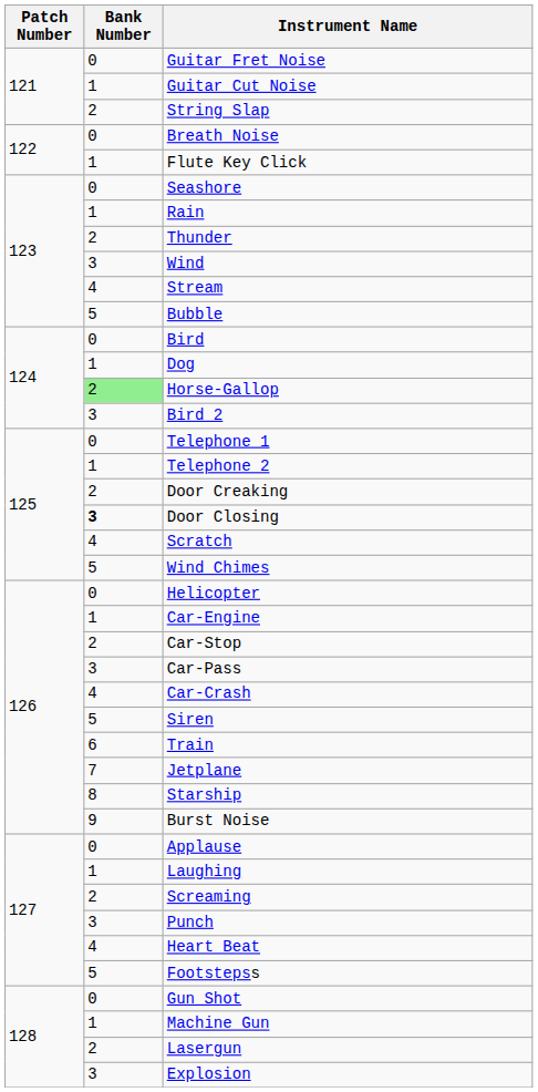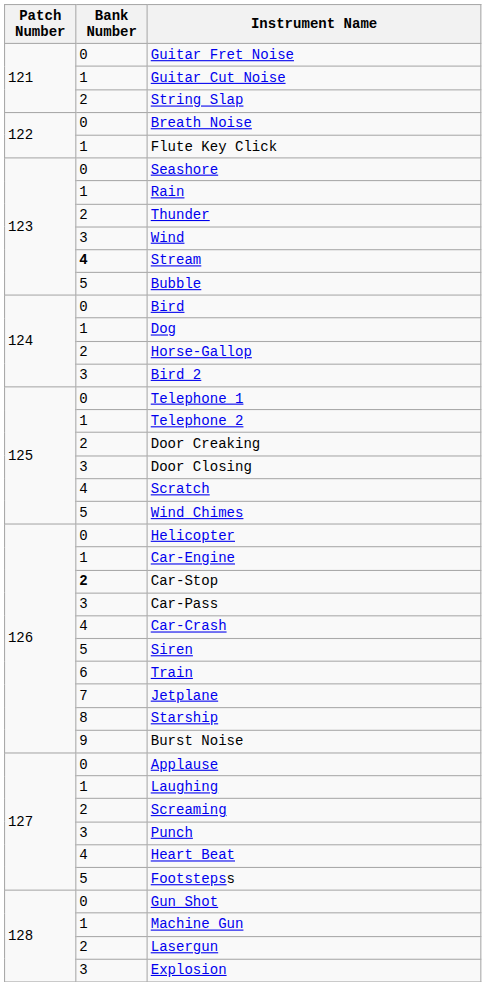 <table width="50%" class="wikitable">
 <tr>
 <th width="15%">Patch Number</th>
 <th width="15%">Bank Number</th>
 <th width="70%">Instrument Name</th>
 </tr>
 <tr>
 <td rowspan=3>121</td>
 <td>0</td>
 <td><a href='#'>Guitar Fret Noise</a></td>
 </tr>
 <tr>
 <td>1</td>
 <td><a href='#'>Guitar Cut Noise</a></td>
 </tr>
 <tr>
 <td>2</td>
 <td><a href='#'>String Slap</a></td>
 </tr>
 <tr>
 <td rowspan=2>122</td>
 <td>0</td>
 <td><a href='#'>Breath Noise</a></td>
 </tr>
 <tr>
 <td>1</td>
 <td>Flute Key Click</td>
 </tr>
 <tr>
 <td rowspan=6>123</td>
 <td>0</td>
 <td><a href='#'>Seashore</a></td>
 </tr>
 <tr>
 <td>1</td>
 <td><a href='#'>Rain</a></td>
 </tr>
 <tr>
 <td>2</td>
 <td><a href='#'>Thunder</a></td>
 </tr>
 <tr>
 <td>3</td>
 <td><a href='#'>Wind</a></td>
 </tr>
 <tr>
-<td>4</td>
+<td><strong>4</strong></td>
 <td><a href='#'>Stream</a></td>
 </tr>
 <tr>
 <td>5</td>
 <td><a href='#'>Bubble</a></td>
 </tr>
 <tr>
 <td rowspan=4>124</td>
 <td>0</td>
 <td><a href='#'>Bird</a></td>
 </tr>
 <tr>
 <td>1</td>
 <td><a href='#'>Dog</a></td>
 </tr>
 <tr>
-<td style="background: lightgreen;">2</td>
+<td>2</td>
 <td><a href='#'>Horse-Gallop</a></td>
 </tr>
 <tr>
 <td>3</td>
 <td><a href='#'>Bird 2</a></td>
 </tr>
 <tr>
 <td rowspan=6>125</td>
 <td>0</td>
 <td><a href='#'>Telephone 1</a></td>
 </tr>
 <tr>
 <td>1</td>
 <td><a href='#'>Telephone 2</a></td>
 </tr>
 <tr>
 <td>2</td>
 <td>Door Creaking</td>
 </tr>
 <tr>
-<td><strong>3</strong></td>
+<td>3</td>
 <td>Door Closing</td>
 </tr>
 <tr>
 <td>4</td>
 <td><a href='#'>Scratch</a></td>
 </tr>
 <tr>
 <td>5</td>
 <td><a href='#'>Wind Chimes</a></td>
 </tr>
 <tr>
 <td rowspan=10>126</td>
 <td>0</td>
 <td><a href='#'>Helicopter</a></td>
 </tr>
 <tr>
 <td>1</td>
 <td><a href='#'>Car-Engine</a></td>
 </tr>
 <tr>
-<td>2</td>
+<td><strong>2</strong></td>
 <td>Car-Stop</td>
 </tr>
 <tr>
 <td>3</td>
 <td>Car-Pass</td>
 </tr>
 <tr>
 <td>4</td>
 <td><a href='#'>Car-Crash</a></td>
 </tr>
 <tr>
 <td>5</td>
 <td><a href='#'>Siren</a></td>
 </tr>
 <tr>
 <td>6</td>
 <td><a href='#'>Train</a></td>
 </tr>
 <tr>
 <td>7</td>
 <td><a href='#'>Jetplane</a></td>
 </tr>
 <tr>
 <td>8</td>
 <td><a href='#'>Starship</a></td>
 </tr>
 <tr>
 <td>9</td>
 <td>Burst Noise</td>
 </tr>
 <tr>
 <td rowspan=6>127</td>
 <td>0</td>
 <td><a href='#'>Applause</a></td>
 </tr>
 <tr>
 <td>1</td>
 <td><a href='#'>Laughing</a></td>
 </tr>
 <tr>
 <td>2</td>
 <td><a href='#'>Screaming</a></td>
 </tr>
 <tr>
 <td>3</td>
 <td><a href='#'>Punch</a></td>
 </tr>
 <tr>
 <td>4</td>
 <td><a href='#'>Heart Beat</a></td>
 </tr>
 <tr>
 <td>5</td>
 <td><a href='#'>Footsteps</a>s</td>
 </tr>
 <tr>
 <td rowspan=4>128</td>
 <td>0</td>
 <td><a href='#'>Gun Shot</a></td>
 </tr>
 <tr>
 <td>1</td>
 <td><a href='#'>Machine Gun</a></td>
 </tr>
 <tr>
 <td>2</td>
 <td><a href='#'>Lasergun</a></td>
 </tr>
 <tr>
 <td>3</td>
 <td><a href='#'>Explosion</a></td>
 </tr>
 </table>
